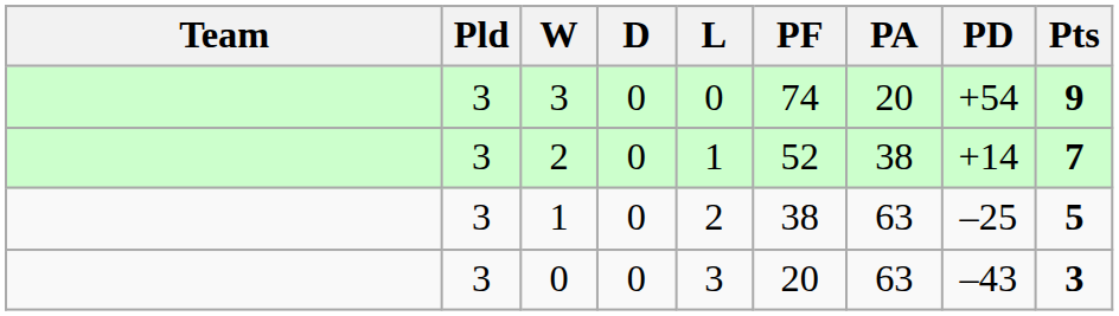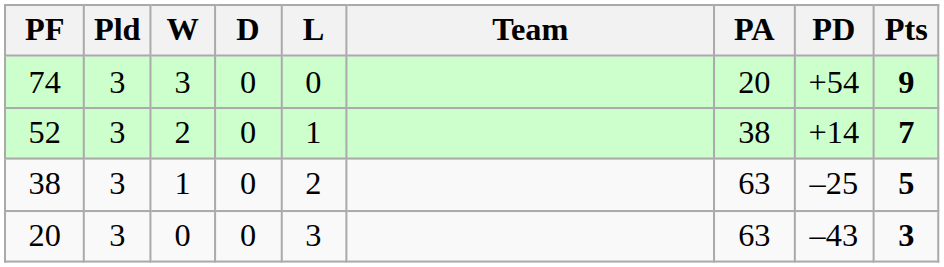 <table class="wikitable" style="text-align:center;">
 <tr>
-<th width=175>Team</th>
+<th width=32 abbr="Points for">PF</th>
 <th width=25 abbr="Played">Pld</th>
 <th width=25 abbr="Won">W</th>
 <th width=25 abbr="Drawn">D</th>
 <th width=25 abbr="Lost">L</th>
-<th width=32 abbr="Points for">PF</th>
+<th width=175>Team</th>
 <th width=32 abbr="Points against">PA</th>
 <th width=32 abbr="Points difference">PD</th>
 <th width=25 abbr="Points">Pts</th>
 </tr>
 <tr bgcolor=ccffcc>
-<td align=left></td>
+<td>74</td>
 <td>3</td>
 <td>3</td>
 <td>0</td>
 <td>0</td>
-<td>74</td>
+<td align=left></td>
 <td>20</td>
 <td>+54</td>
 <td><strong>9</strong></td>
 </tr>
 <tr bgcolor=ccffcc>
-<td align=left></td>
+<td>52</td>
 <td>3</td>
 <td>2</td>
 <td>0</td>
 <td>1</td>
-<td>52</td>
+<td align=left></td>
 <td>38</td>
 <td>+14</td>
 <td><strong>7</strong></td>
 </tr>
 <tr>
-<td align=left></td>
+<td>38</td>
 <td>3</td>
 <td>1</td>
 <td>0</td>
 <td>2</td>
-<td>38</td>
+<td align=left></td>
 <td>63</td>
 <td>–25</td>
 <td><strong>5</strong></td>
 </tr>
 <tr>
-<td align=left></td>
+<td>20</td>
 <td>3</td>
 <td>0</td>
 <td>0</td>
 <td>3</td>
-<td>20</td>
+<td align=left></td>
 <td>63</td>
 <td>–43</td>
 <td><strong>3</strong></td>
 </tr>
 </table>
